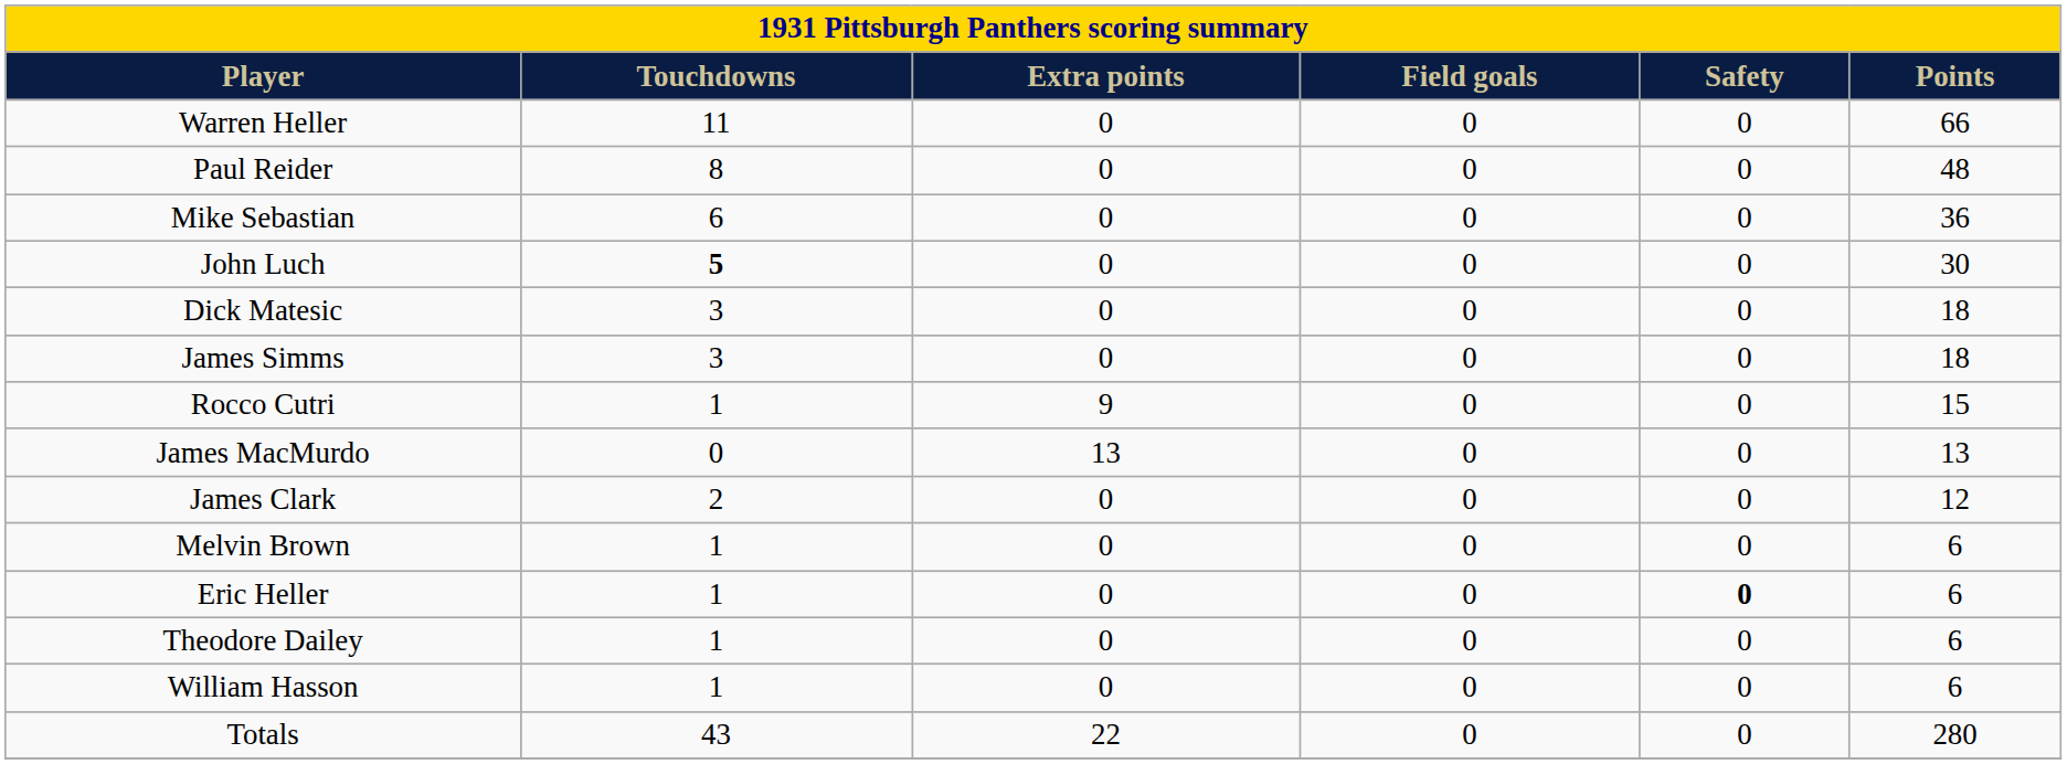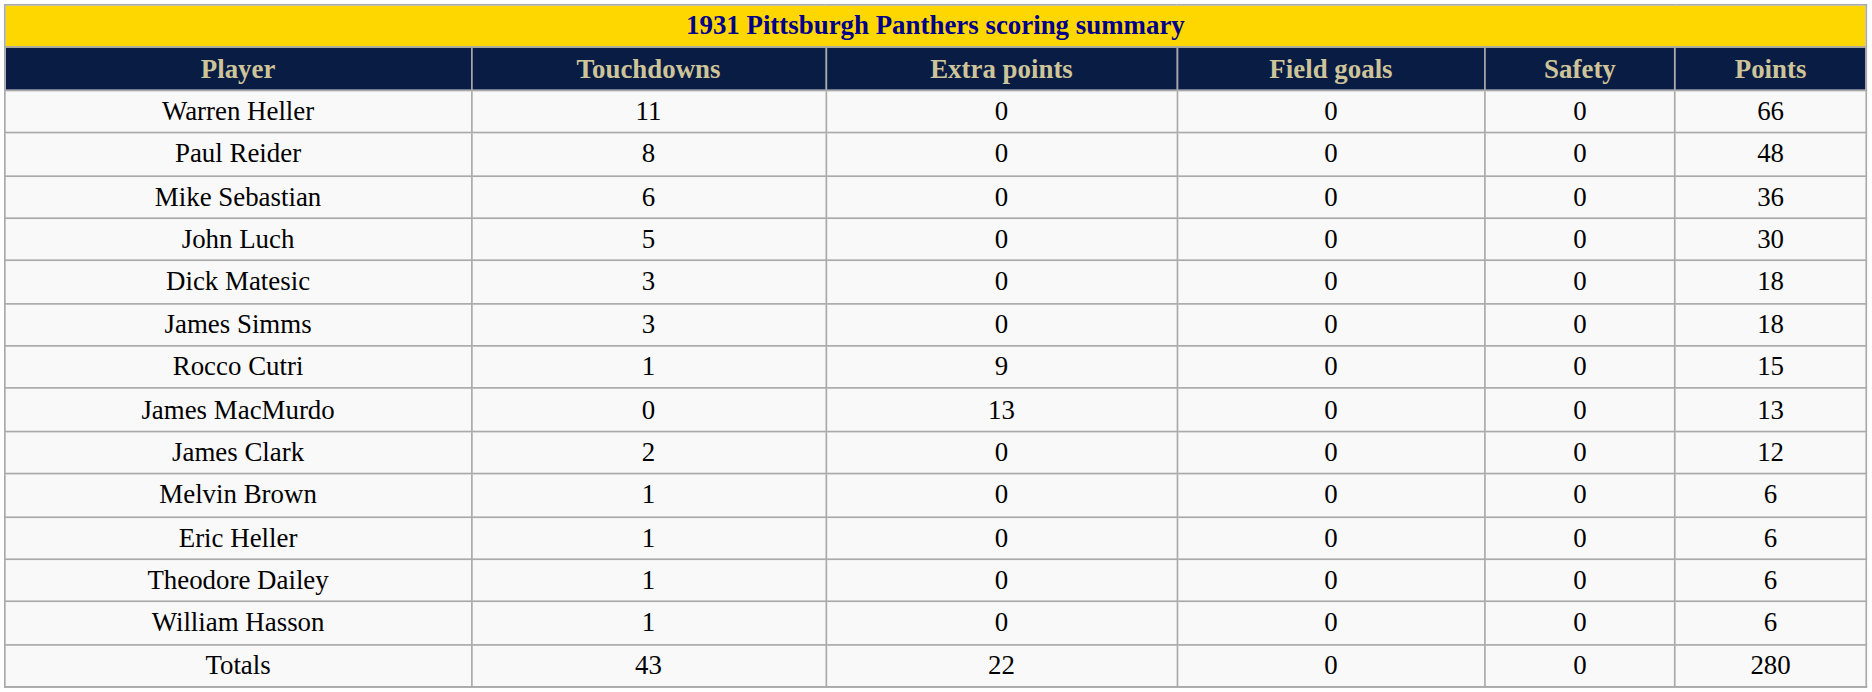 <table class="wikitable" width="70%">
 <tr>
 <th colspan="10" style="background:gold; color:darkblue; text-align: center;"><strong>1931 Pittsburgh Panthers scoring summary</strong></th>
 </tr>
 <tr align="center"  style="background:#091C44;color:#CEC499;">
 <td><strong>Player</strong></td>
 <td><strong>Touchdowns</strong></td>
 <td><strong>Extra points</strong></td>
 <td><strong>Field goals</strong></td>
 <td><strong>Safety</strong></td>
 <td><strong>Points</strong></td>
 </tr>
 <tr align="center" bgcolor="">
 <td>Warren Heller</td>
 <td>11</td>
 <td>0</td>
 <td>0</td>
 <td>0</td>
 <td>66</td>
 </tr>
 <tr align="center" bgcolor="">
 <td>Paul Reider</td>
 <td>8</td>
 <td>0</td>
 <td>0</td>
 <td>0</td>
 <td>48</td>
 </tr>
 <tr align="center" bgcolor="">
 <td>Mike Sebastian</td>
 <td>6</td>
 <td>0</td>
 <td>0</td>
 <td>0</td>
 <td>36</td>
 </tr>
 <tr align="center" bgcolor="">
 <td>John Luch</td>
-<td><strong>5</strong></td>
+<td>5</td>
 <td>0</td>
 <td>0</td>
 <td>0</td>
 <td>30</td>
 </tr>
 <tr align="center" bgcolor="">
 <td>Dick Matesic</td>
 <td>3</td>
 <td>0</td>
 <td>0</td>
 <td>0</td>
 <td>18</td>
 </tr>
 <tr align="center" bgcolor="">
 <td>James Simms</td>
 <td>3</td>
 <td>0</td>
 <td>0</td>
 <td>0</td>
 <td>18</td>
 </tr>
 <tr align="center" bgcolor="">
 <td>Rocco Cutri</td>
 <td>1</td>
 <td>9</td>
 <td>0</td>
 <td>0</td>
 <td>15</td>
 </tr>
 <tr align="center" bgcolor="">
 <td>James MacMurdo</td>
 <td>0</td>
 <td>13</td>
 <td>0</td>
 <td>0</td>
 <td>13</td>
 </tr>
 <tr align="center" bgcolor="">
 <td>James Clark</td>
 <td>2</td>
 <td>0</td>
 <td>0</td>
 <td>0</td>
 <td>12</td>
 </tr>
 <tr align="center" bgcolor="">
 <td>Melvin Brown</td>
 <td>1</td>
 <td>0</td>
 <td>0</td>
 <td>0</td>
 <td>6</td>
 </tr>
 <tr align="center" bgcolor="">
 <td>Eric Heller</td>
 <td>1</td>
 <td>0</td>
 <td>0</td>
-<td><strong>0</strong></td>
+<td>0</td>
 <td>6</td>
 </tr>
 <tr align="center" bgcolor="">
 <td>Theodore Dailey</td>
 <td>1</td>
 <td>0</td>
 <td>0</td>
 <td>0</td>
 <td>6</td>
 </tr>
 <tr align="center" bgcolor="">
 <td>William Hasson</td>
 <td>1</td>
 <td>0</td>
 <td>0</td>
 <td>0</td>
 <td>6</td>
 </tr>
 <tr align="center" bgcolor="">
 <td>Totals</td>
 <td>43</td>
 <td>22</td>
 <td>0</td>
 <td>0</td>
 <td>280</td>
 </tr>
 <tr align="center" bgcolor="">
 </tr>
 </table>
